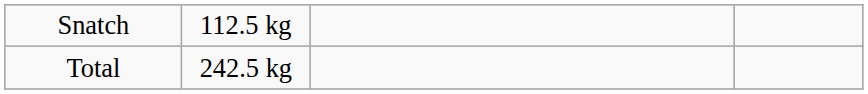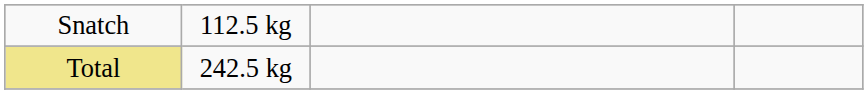 <table class = "wikitable" style="text-align:center;">
 <tr>
 <td width=100>Snatch</td>
 <td width=70>112.5 kg</td>
 <td width=250 align=left></td>
 <td width=70></td>
 </tr>
 <tr>
-<td>Total</td>
+<td style="background: khaki;">Total</td>
 <td>242.5 kg</td>
 <td align=left></td>
 <td></td>
 </tr>
 </table>
